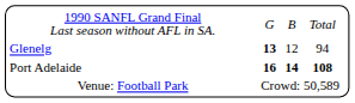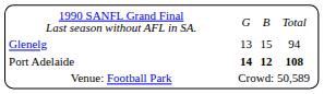 <table style="margin-right:4px; margin-top:8px; float:left; border:1px #000 solid; border-radius:8px; background:#fff; font-family:Verdana; font-size:8pt; text-align:center;">
 <tr>
 <td width=200><a href='#'>1990 SANFL Grand Final</a><br><em>Last season without AFL in SA.</em></td>
 <td><em>G</em></td>
 <td><em>B</em></td>
 <td><em>Total</em></td>
 </tr>
 <tr>
 <td style="text-align:left"><a href='#'>Glenelg</a></td>
-<td><strong>13</strong></td>
-<td>12</td>
+<td>13</td>
+<td>15</td>
 <td>94</td>
 </tr>
 <tr>
 <td style="text-align:left">Port Adelaide</td>
-<td><strong>16</strong></td>
 <td><strong>14</strong></td>
+<td><strong>12</strong></td>
 <td><strong>108</strong></td>
 </tr>
 <tr>
 <td>Venue: <a href='#'>Football Park</a></td>
 <td colspan=3>Crowd: 50,589</td>
 <td colspan=3></td>
 </tr>
 </table>
